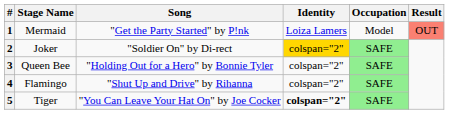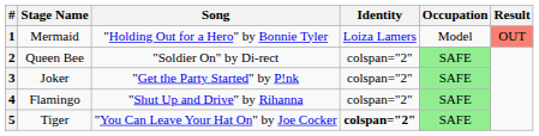 <table class="wikitable plainrowheaders" style="text-align: center;">
 <tr>
 <th><strong>#</strong></th>
 <th><strong>Stage Name</strong></th>
 <th><strong>Song</strong></th>
 <th>Identity</th>
 <th><strong>Occupation</strong></th>
 <th>Result</th>
 </tr>
 <tr>
 <th>1</th>
 <td>Mermaid</td>
-<td>"<a href='#'>Get the Party Started</a>" by <a href='#'>P!nk</a></td>
+<td>"<a href='#'>Holding Out for a Hero</a>" by <a href='#'>Bonnie Tyler</a></td>
 <td><a href='#'>Loiza Lamers</a></td>
 <td>Model</td>
 <td bgcolor="salmon">OUT</td>
 </tr>
 <tr>
 <th>2</th>
-<td>Joker</td>
+<td>Queen Bee</td>
 <td>"Soldier On" by Di-rect</td>
-<td style="background: gold;">colspan="2" </td>
+<td>colspan="2" </td>
 <td bgcolor="lightgreen">SAFE</td>
 </tr>
 <tr>
 <th>3</th>
-<td>Queen Bee</td>
-<td>"<a href='#'>Holding Out for a Hero</a>" by <a href='#'>Bonnie Tyler</a></td>
+<td>Joker</td>
+<td>"<a href='#'>Get the Party Started</a>" by <a href='#'>P!nk</a></td>
 <td>colspan="2" </td>
 <td bgcolor="lightgreen">SAFE</td>
 </tr>
 <tr>
 <th>4</th>
 <td>Flamingo</td>
 <td>"<a href='#'>Shut Up and Drive</a>" by <a href='#'>Rihanna</a></td>
 <td>colspan="2" </td>
 <td bgcolor="lightgreen">SAFE</td>
 </tr>
 <tr>
 <th>5</th>
 <td>Tiger</td>
 <td>"<a href='#'>You Can Leave Your Hat On</a>" by <a href='#'>Joe Cocker</a></td>
 <td><strong>colspan="2" </strong></td>
 <td bgcolor="lightgreen">SAFE</td>
 </tr>
 </table>
